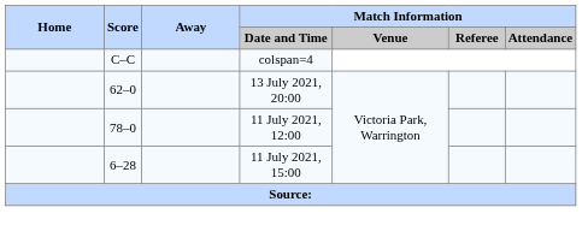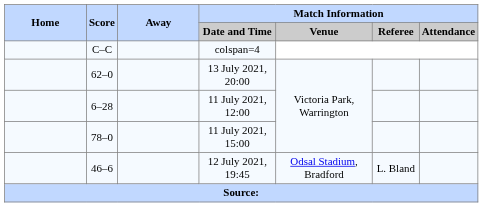 <table border=1 style="border-collapse:collapse; font-size:90%; text-align:center;" cellpadding=3 cellspacing=0 width=100%>
 <tr style="background:#C1D8ff;">
 <th scope="col" rowspan=2 width=19%>Home</th>
 <th scope="col" rowspan=2 width=6%>Score</th>
 <th scope="col" rowspan=2 width=19%>Away</th>
 <th colspan=4>Match Information</th>
 </tr>
 <tr style="background:#CCCCCC;">
 <th scope="col" width=17%>Date and Time</th>
 <th scope="col" width=22%>Venue</th>
 <th scope="col" width=10%>Referee</th>
 <th scope="col" width=7%>Attendance</th>
 </tr>
 <tr style="background:#F5FAFF;">
 <td></td>
 <td>C–C</td>
 <td></td>
 <td>colspan=4</td>
 </tr>
 <tr style="background:#F5FAFF;">
 <td></td>
 <td>62–0</td>
 <td></td>
 <td>13 July 2021, 20:00</td>
 <td rowspan=3>Victoria Park, Warrington</td>
 <td></td>
 <td></td>
 </tr>
 <tr style="background:#F5FAFF;">
 <td></td>
-<td>78–0</td>
+<td>6–28</td>
 <td></td>
 <td>11 July 2021, 12:00</td>
 <td></td>
 <td></td>
 </tr>
 <tr style="background:#F5FAFF;">
 <td></td>
-<td>6–28</td>
+<td>78–0</td>
 <td></td>
 <td>11 July 2021, 15:00</td>
 <td></td>
+<td></td>
+</tr>
+<tr style="background:#F5FAFF;">
+<td></td>
+<td>46–6</td>
+<td></td>
+<td>12 July 2021, 19:45</td>
+<td><a href='#'>Odsal Stadium</a>, Bradford</td>
+<td>L. Bland</td>
 <td></td>
 </tr>
 <tr style="background:#c1d8ff;">
 <th colspan=7>Source:</th>
 </tr>
 </table>
